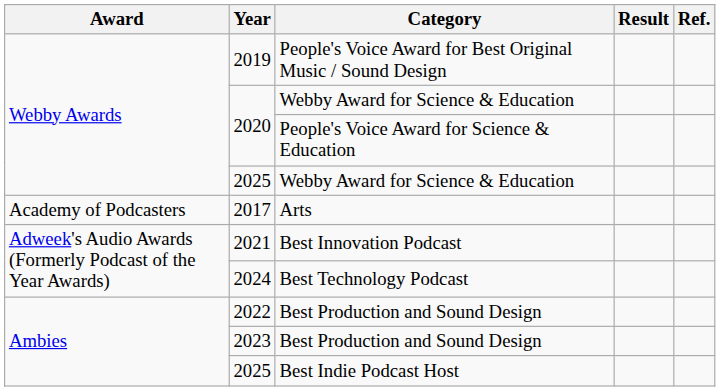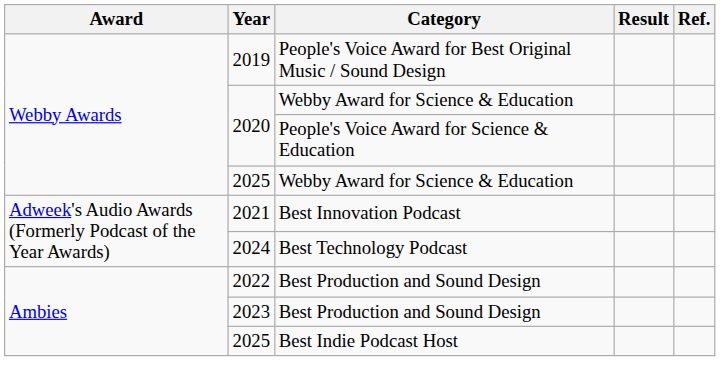 <table class="wikitable sortable">
 <tr>
 <th>Award</th>
 <th>Year</th>
 <th>Category</th>
 <th>Result</th>
 <th>Ref.</th>
 </tr>
 <tr>
 <td rowspan="4"><a href='#'>Webby Awards</a></td>
 <td>2019</td>
 <td>People's Voice Award for Best Original Music / Sound Design</td>
 <td></td>
 <td></td>
 </tr>
 <tr>
 <td rowspan="2">2020</td>
 <td>Webby Award for Science & Education</td>
 <td></td>
 <td></td>
 </tr>
 <tr>
 <td>People's Voice Award for Science & Education</td>
 <td></td>
 <td></td>
 </tr>
 <tr>
 <td>2025</td>
 <td>Webby Award for Science & Education</td>
-<td></td>
-<td></td>
-</tr>
-<tr>
-<td>Academy of Podcasters</td>
-<td>2017</td>
-<td>Arts</td>
 <td></td>
 <td></td>
 </tr>
 <tr>
 <td rowspan="2"><a href='#'>Adweek</a>'s Audio Awards<br>(Formerly Podcast of the Year Awards)</td>
 <td>2021</td>
 <td>Best Innovation Podcast</td>
 <td></td>
 <td></td>
 </tr>
 <tr>
 <td>2024</td>
 <td>Best Technology Podcast</td>
 <td></td>
 <td></td>
 </tr>
 <tr>
 <td rowspan="3"><a href='#'>Ambies</a></td>
 <td>2022</td>
 <td>Best Production and Sound Design</td>
 <td></td>
 <td></td>
 </tr>
 <tr>
 <td>2023</td>
 <td>Best Production and Sound Design</td>
 <td></td>
 <td></td>
 </tr>
 <tr>
 <td>2025</td>
 <td>Best Indie Podcast Host</td>
 <td></td>
 <td></td>
 </tr>
 </table>
